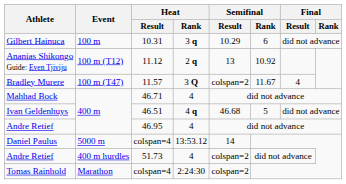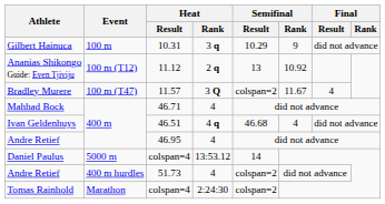 <table class="wikitable" style="font-size:90%; text-align:center">
 <tr>
 <th rowspan=2>Athlete</th>
 <th rowspan=2>Event</th>
 <th colspan=2>Heat</th>
 <th colspan=2>Semifinal</th>
 <th colspan=2>Final</th>
 </tr>
 <tr style="font-size:95%">
 <th>Result</th>
 <th>Rank</th>
 <th>Result</th>
 <th>Rank</th>
 <th>Result</th>
 <th>Rank</th>
 </tr>
 <tr>
 <td align=left><a href='#'>Gilbert Hainuca</a></td>
 <td align=left rowspan=1><a href='#'>100 m</a></td>
 <td>10.31</td>
 <td>3 <strong>q</strong></td>
 <td>10.29</td>
-<td>6</td>
+<td>9</td>
 <td colspan=2>did not advance</td>
 </tr>
 <tr>
 <td align=left><a href='#'>Ananias Shikongo</a><br><small>Guide: <a href='#'>Even Tjiviju</a></small></td>
 <td align=left><a href='#'>100 m (T12)</a></td>
 <td>11.12</td>
 <td>2 <strong>q</strong></td>
 <td>13</td>
 <td>10.92</td>
 <td></td>
 </tr>
 <tr>
 <td align=left><a href='#'>Bradley Murere</a></td>
 <td align=left rowspan=1><a href='#'>100 m (T47)</a></td>
 <td>11.57</td>
 <td>3 <strong>Q</strong></td>
 <td>colspan=2 </td>
 <td>11.67</td>
 <td>4</td>
 </tr>
 <tr>
 <td align=left><a href='#'>Mahhad Bock</a></td>
 <td align=left rowspan=3><a href='#'>400 m</a></td>
 <td>46.71</td>
 <td>4</td>
 <td colspan=4>did not advance</td>
 </tr>
 <tr>
 <td align=left><a href='#'>Ivan Geldenhuys</a></td>
 <td>46.51</td>
 <td>4 <strong>q</strong></td>
 <td>46.68</td>
-<td>5</td>
+<td>4</td>
 <td colspan=2>did not advance</td>
 </tr>
 <tr>
 <td align=left><a href='#'>Andre Retief</a></td>
 <td>46.95</td>
 <td>4</td>
 <td colspan=4>did not advance</td>
 </tr>
 <tr>
 <td align=left><a href='#'>Daniel Paulus</a></td>
 <td align=left rowspan=1><a href='#'>5000 m</a></td>
 <td>colspan=4 </td>
 <td>13:53.12</td>
 <td>14</td>
 </tr>
 <tr>
 <td align=left><a href='#'>Andre Retief</a></td>
 <td align=left rowspan=1><a href='#'>400 m hurdles</a></td>
 <td>51.73</td>
 <td>4</td>
 <td>colspan=2 </td>
 <td colspan=2>did not advance</td>
 </tr>
 <tr>
 <td align=left><a href='#'>Tomas Rainhold</a></td>
 <td align=left rowspan=1><a href='#'>Marathon</a></td>
 <td>colspan=4 </td>
 <td>2:24:30</td>
 <td>colspan=2 </td>
 </tr>
 </table>
